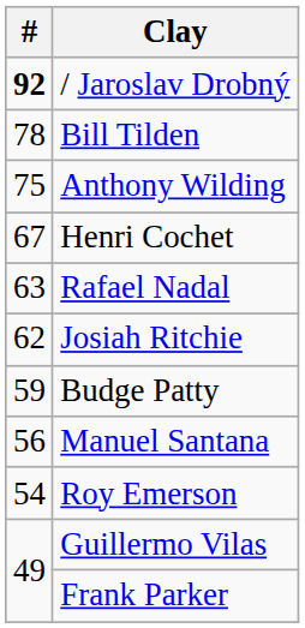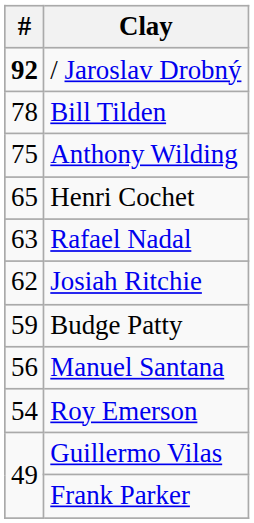 <table class=wikitable style="display:inline-table;">
 <tr>
 <th>#</th>
 <th>Clay</th>
 </tr>
 <tr>
 <td><strong>92</strong></td>
 <td>/ <a href='#'>Jaroslav Drobný</a></td>
 </tr>
 <tr>
 <td>78</td>
 <td> <a href='#'>Bill Tilden</a></td>
 </tr>
 <tr>
 <td>75</td>
 <td> <a href='#'>Anthony Wilding</a></td>
 </tr>
 <tr>
-<td>67</td>
+<td>65</td>
 <td> Henri Cochet</td>
 </tr>
 <tr>
 <td>63</td>
 <td> <a href='#'>Rafael Nadal</a></td>
 </tr>
 <tr>
 <td>62</td>
 <td> <a href='#'>Josiah Ritchie</a></td>
 </tr>
 <tr>
 <td>59</td>
 <td> Budge Patty</td>
 </tr>
 <tr>
 <td>56</td>
 <td> <a href='#'>Manuel Santana</a></td>
 </tr>
 <tr>
 <td>54</td>
 <td> <a href='#'>Roy Emerson</a></td>
 </tr>
 <tr>
 <td rowspan="2">49</td>
 <td> <a href='#'>Guillermo Vilas</a></td>
 </tr>
 <tr>
 <td> <a href='#'>Frank Parker</a></td>
 </tr>
 </table>
